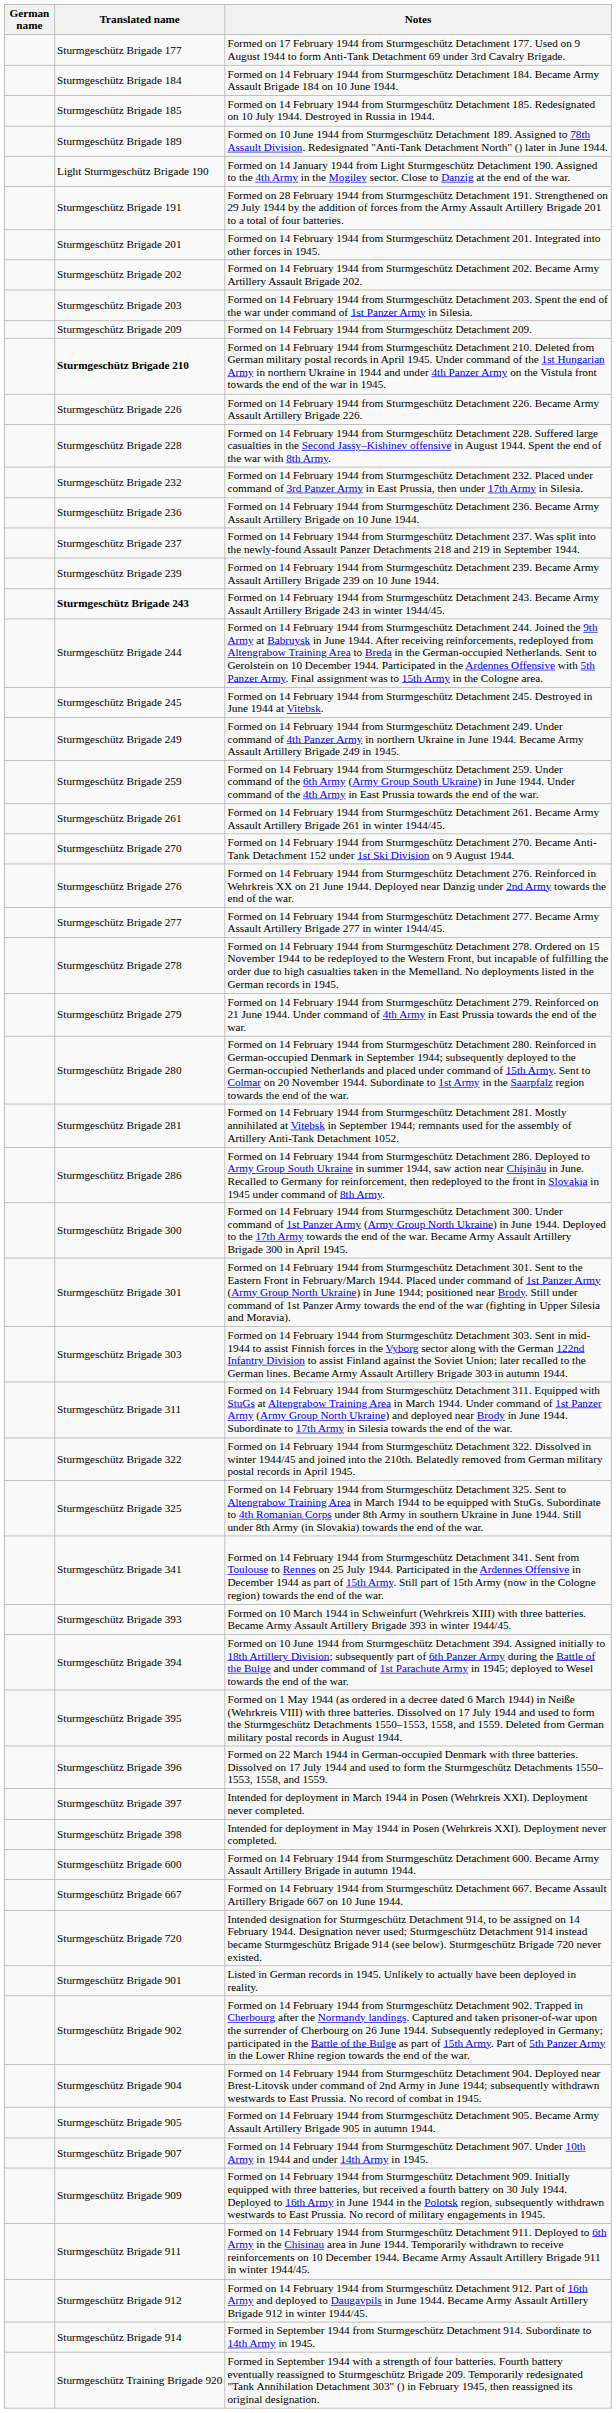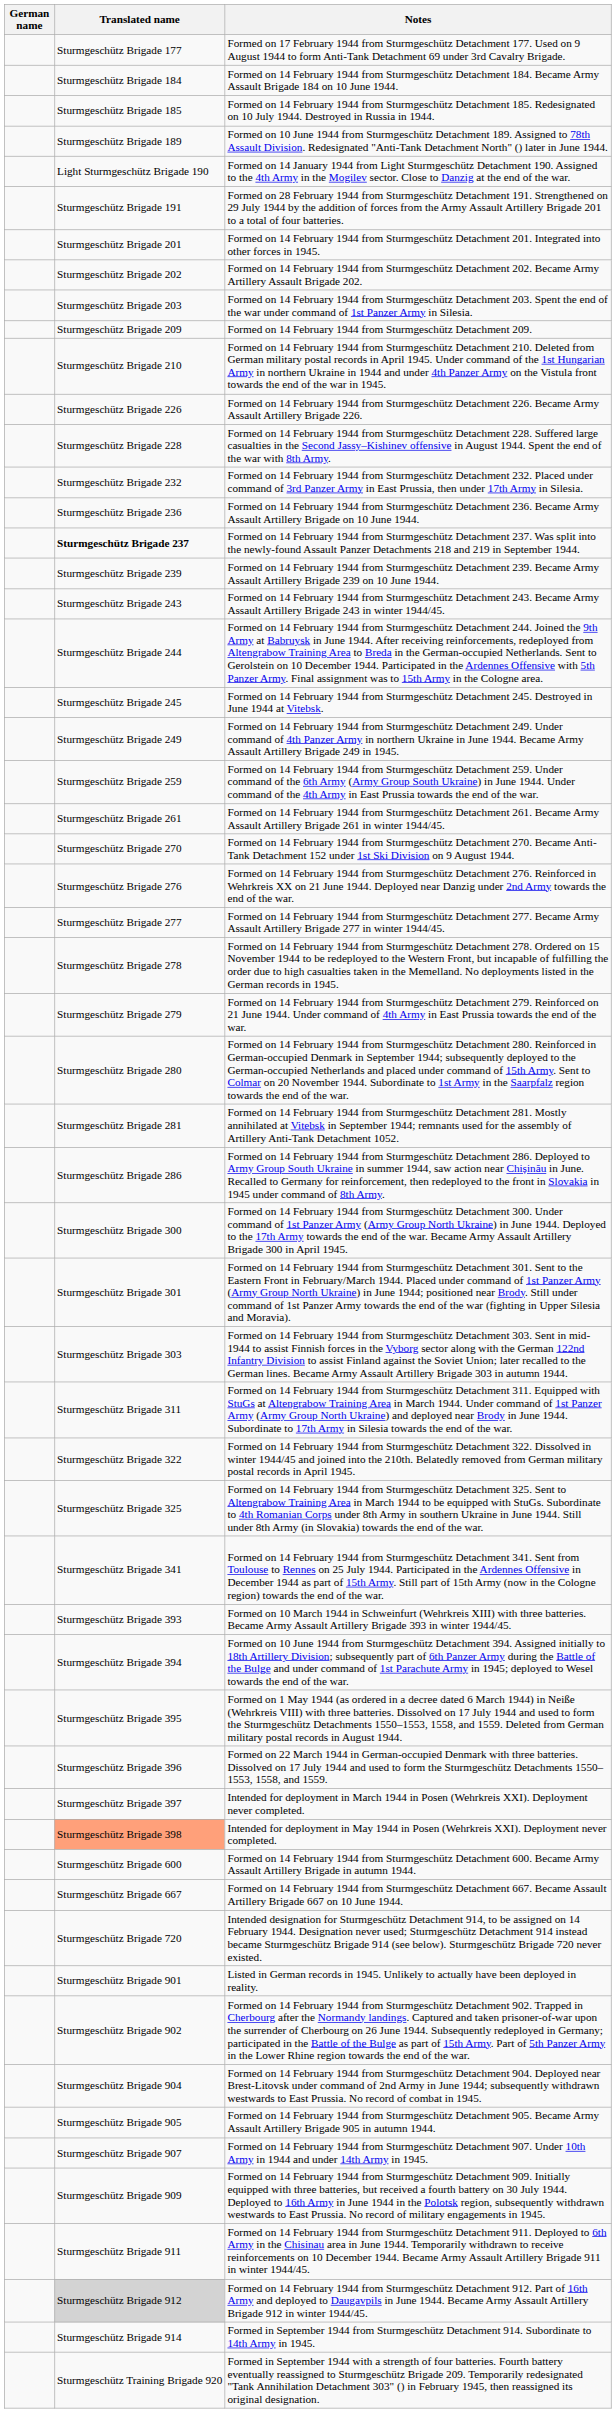 <table class="wikitable">
 <tr>
 <th>German name</th>
 <th>Translated name</th>
 <th>Notes</th>
 </tr>
 <tr>
 <td></td>
 <td>Sturmgeschütz Brigade 177</td>
 <td>Formed on 17 February 1944 from Sturmgeschütz Detachment 177. Used on 9 August 1944 to form Anti-Tank Detachment 69 under 3rd Cavalry Brigade.</td>
 </tr>
 <tr>
 <td></td>
 <td>Sturmgeschütz Brigade 184</td>
 <td>Formed on 14 February 1944 from Sturmgeschütz Detachment 184. Became Army Assault Brigade 184 on 10 June 1944.</td>
 </tr>
 <tr>
 <td></td>
 <td>Sturmgeschütz Brigade 185</td>
 <td>Formed on 14 February 1944 from Sturmgeschütz Detachment 185. Redesignated  on 10 July 1944. Destroyed in Russia in 1944.</td>
 </tr>
 <tr>
 <td></td>
 <td>Sturmgeschütz Brigade 189</td>
 <td>Formed on 10 June 1944 from Sturmgeschütz Detachment 189. Assigned to <a href='#'>78th Assault Division</a>. Redesignated "Anti-Tank Detachment North" () later in June 1944.</td>
 </tr>
 <tr>
 <td style="white-space: nowrap;"></td>
 <td style="white-space: nowrap;">Light Sturmgeschütz Brigade 190</td>
 <td>Formed on 14 January 1944 from Light Sturmgeschütz Detachment 190. Assigned to the <a href='#'>4th Army</a> in the <a href='#'>Mogilev</a> sector. Close to <a href='#'>Danzig</a> at the end of the war.</td>
 </tr>
 <tr>
 <td></td>
 <td>Sturmgeschütz Brigade 191</td>
 <td>Formed on 28 February 1944 from Sturmgeschütz Detachment 191. Strengthened on 29 July 1944 by the addition of forces from the Army Assault Artillery Brigade 201 to a total of four batteries.</td>
 </tr>
 <tr>
 <td></td>
 <td>Sturmgeschütz Brigade 201</td>
 <td>Formed on 14 February 1944 from Sturmgeschütz Detachment 201. Integrated into other forces in 1945.</td>
 </tr>
 <tr>
 <td></td>
 <td>Sturmgeschütz Brigade 202</td>
 <td>Formed on 14 February 1944 from Sturmgeschütz Detachment 202. Became Army Artillery Assault Brigade 202.</td>
 </tr>
 <tr>
 <td></td>
 <td>Sturmgeschütz Brigade 203</td>
 <td>Formed on 14 February 1944 from Sturmgeschütz Detachment 203. Spent the end of the war under command of <a href='#'>1st Panzer Army</a> in Silesia.</td>
 </tr>
 <tr>
 <td></td>
 <td>Sturmgeschütz Brigade 209</td>
 <td>Formed on 14 February 1944 from Sturmgeschütz Detachment 209.</td>
 </tr>
 <tr>
 <td></td>
-<td><strong>Sturmgeschütz Brigade 210</strong></td>
+<td>Sturmgeschütz Brigade 210</td>
 <td>Formed on 14 February 1944 from Sturmgeschütz Detachment 210. Deleted from German military postal records in April 1945. Under command of the <a href='#'>1st Hungarian Army</a> in northern Ukraine in 1944 and under <a href='#'>4th Panzer Army</a> on the Vistula front towards the end of the war in 1945.</td>
 </tr>
 <tr>
 <td></td>
 <td>Sturmgeschütz Brigade 226</td>
 <td>Formed on 14 February 1944 from Sturmgeschütz Detachment 226. Became Army Assault Artillery Brigade 226.</td>
 </tr>
 <tr>
 <td></td>
 <td>Sturmgeschütz Brigade 228</td>
 <td>Formed on 14 February 1944 from Sturmgeschütz Detachment 228. Suffered large casualties in the <a href='#'>Second Jassy–Kishinev offensive</a> in August 1944. Spent the end of the war with <a href='#'>8th Army</a>.</td>
 </tr>
 <tr>
 <td></td>
 <td>Sturmgeschütz Brigade 232</td>
 <td>Formed on 14 February 1944 from Sturmgeschütz Detachment 232. Placed under command of <a href='#'>3rd Panzer Army</a> in East Prussia, then under <a href='#'>17th Army</a> in Silesia.</td>
 </tr>
 <tr>
 <td></td>
 <td>Sturmgeschütz Brigade 236</td>
 <td>Formed on 14 February 1944 from Sturmgeschütz Detachment 236. Became Army Assault Artillery Brigade on 10 June 1944.</td>
 </tr>
 <tr>
 <td></td>
-<td>Sturmgeschütz Brigade 237</td>
+<td><strong>Sturmgeschütz Brigade 237</strong></td>
 <td>Formed on 14 February 1944 from Sturmgeschütz Detachment 237. Was split into the newly-found Assault Panzer Detachments 218 and 219 in September 1944.</td>
 </tr>
 <tr>
 <td></td>
 <td>Sturmgeschütz Brigade 239</td>
 <td>Formed on 14 February 1944 from Sturmgeschütz Detachment 239. Became Army Assault Artillery Brigade 239 on 10 June 1944.</td>
 </tr>
 <tr>
 <td></td>
-<td><strong>Sturmgeschütz Brigade 243</strong></td>
+<td>Sturmgeschütz Brigade 243</td>
 <td>Formed on 14 February 1944 from Sturmgeschütz Detachment 243. Became Army Assault Artillery Brigade 243 in winter 1944/45.</td>
 </tr>
 <tr>
 <td></td>
 <td>Sturmgeschütz Brigade 244</td>
 <td>Formed on 14 February 1944 from Sturmgeschütz Detachment 244. Joined the <a href='#'>9th Army</a> at <a href='#'>Babruysk</a> in June 1944. After receiving reinforcements, redeployed from <a href='#'>Altengrabow Training Area</a> to <a href='#'>Breda</a> in the German-occupied Netherlands. Sent to Gerolstein on 10 December 1944. Participated in the <a href='#'>Ardennes Offensive</a> with <a href='#'>5th Panzer Army</a>. Final assignment was to <a href='#'>15th Army</a> in the Cologne area.</td>
 </tr>
 <tr>
 <td></td>
 <td>Sturmgeschütz Brigade 245</td>
 <td>Formed on 14 February 1944 from Sturmgeschütz Detachment 245. Destroyed in June 1944 at <a href='#'>Vitebsk</a>.</td>
 </tr>
 <tr>
 <td></td>
 <td>Sturmgeschütz Brigade 249</td>
 <td>Formed on 14 February 1944 from Sturmgeschütz Detachment 249. Under command of <a href='#'>4th Panzer Army</a> in northern Ukraine in June 1944. Became Army Assault Artillery Brigade 249 in 1945.</td>
 </tr>
 <tr>
 <td></td>
 <td>Sturmgeschütz Brigade 259</td>
 <td>Formed on 14 February 1944 from Sturmgeschütz Detachment 259. Under command of the <a href='#'>6th Army</a> (<a href='#'>Army Group South Ukraine</a>) in June 1944. Under command of the <a href='#'>4th Army</a> in East Prussia towards the end of the war.</td>
 </tr>
 <tr>
 <td></td>
 <td>Sturmgeschütz Brigade 261</td>
 <td>Formed on 14 February 1944 from Sturmgeschütz Detachment 261. Became Army Assault Artillery Brigade 261 in winter 1944/45.</td>
 </tr>
 <tr>
 <td></td>
 <td>Sturmgeschütz Brigade 270</td>
 <td>Formed on 14 February 1944 from Sturmgeschütz Detachment 270. Became Anti-Tank Detachment 152 under <a href='#'>1st Ski Division</a> on 9 August 1944.</td>
 </tr>
 <tr>
 <td></td>
 <td>Sturmgeschütz Brigade 276</td>
 <td>Formed on 14 February 1944 from Sturmgeschütz Detachment 276. Reinforced in Wehrkreis XX on 21 June 1944. Deployed near Danzig under <a href='#'>2nd Army</a> towards the end of the war.</td>
 </tr>
 <tr>
 <td></td>
 <td>Sturmgeschütz Brigade 277</td>
 <td>Formed on 14 February 1944 from Sturmgeschütz Detachment 277. Became Army Assault Artillery Brigade 277 in winter 1944/45.</td>
 </tr>
 <tr>
 <td></td>
 <td>Sturmgeschütz Brigade 278</td>
 <td>Formed on 14 February 1944 from Sturmgeschütz Detachment 278. Ordered on 15 November 1944 to be redeployed to the Western Front, but incapable of fulfilling the order due to high casualties taken in the Memelland. No deployments listed in the German records in 1945.</td>
 </tr>
 <tr>
 <td></td>
 <td>Sturmgeschütz Brigade 279</td>
 <td>Formed on 14 February 1944 from Sturmgeschütz Detachment 279. Reinforced on 21 June 1944. Under command of <a href='#'>4th Army</a> in East Prussia towards the end of the war.</td>
 </tr>
 <tr>
 <td></td>
 <td>Sturmgeschütz Brigade 280</td>
 <td>Formed on 14 February 1944 from Sturmgeschütz Detachment 280. Reinforced in German-occupied Denmark in September 1944; subsequently deployed to the German-occupied Netherlands and placed under command of <a href='#'>15th Army</a>. Sent to <a href='#'>Colmar</a> on 20 November 1944. Subordinate to <a href='#'>1st Army</a> in the <a href='#'>Saarpfalz</a> region towards the end of the war.</td>
 </tr>
 <tr>
 <td></td>
 <td>Sturmgeschütz Brigade 281</td>
 <td>Formed on 14 February 1944 from Sturmgeschütz Detachment 281. Mostly annihilated at <a href='#'>Vitebsk</a> in September 1944; remnants used for the assembly of Artillery Anti-Tank Detachment 1052.</td>
 </tr>
 <tr>
 <td></td>
 <td>Sturmgeschütz Brigade 286</td>
 <td>Formed on 14 February 1944 from Sturmgeschütz Detachment 286. Deployed to <a href='#'>Army Group South Ukraine</a> in summer 1944, saw action near <a href='#'>Chișinău</a> in June. Recalled to Germany for reinforcement, then redeployed to the front in <a href='#'>Slovakia</a> in 1945 under command of <a href='#'>8th Army</a>.</td>
 </tr>
 <tr>
 <td></td>
 <td>Sturmgeschütz Brigade 300</td>
 <td>Formed on 14 February 1944 from Sturmgeschütz Detachment 300. Under command of <a href='#'>1st Panzer Army</a> (<a href='#'>Army Group North Ukraine</a>) in June 1944. Deployed to the <a href='#'>17th Army</a> towards the end of the war. Became Army Assault Artillery Brigade 300 in April 1945.</td>
 </tr>
 <tr>
 <td></td>
 <td>Sturmgeschütz Brigade 301</td>
 <td>Formed on 14 February 1944 from Sturmgeschütz Detachment 301. Sent to the Eastern Front in February/March 1944. Placed under command of <a href='#'>1st Panzer Army</a> (<a href='#'>Army Group North Ukraine</a>) in June 1944; positioned near <a href='#'>Brody</a>. Still under command of 1st Panzer Army towards the end of the war (fighting in Upper Silesia and Moravia).</td>
 </tr>
 <tr>
 <td></td>
 <td>Sturmgeschütz Brigade 303</td>
 <td>Formed on 14 February 1944 from Sturmgeschütz Detachment 303. Sent in mid-1944 to assist Finnish forces in the <a href='#'>Vyborg</a> sector along with the German <a href='#'>122nd Infantry Division</a> to assist Finland against the Soviet Union; later recalled to the German lines. Became Army Assault Artillery Brigade 303 in autumn 1944.</td>
 </tr>
 <tr>
 <td></td>
 <td>Sturmgeschütz Brigade 311</td>
 <td>Formed on 14 February 1944 from Sturmgeschütz Detachment 311. Equipped with <a href='#'>StuGs</a> at <a href='#'>Altengrabow Training Area</a> in March 1944. Under command of <a href='#'>1st Panzer Army</a> (<a href='#'>Army Group North Ukraine</a>) and deployed near <a href='#'>Brody</a> in June 1944. Subordinate to <a href='#'>17th Army</a> in Silesia towards the end of the war.</td>
 </tr>
 <tr>
 <td></td>
 <td>Sturmgeschütz Brigade 322</td>
 <td>Formed on 14 February 1944 from Sturmgeschütz Detachment 322. Dissolved in winter 1944/45 and joined into the 210th. Belatedly removed from German military postal records in April 1945.</td>
 </tr>
 <tr>
 <td></td>
 <td>Sturmgeschütz Brigade 325</td>
 <td>Formed on 14 February 1944 from Sturmgeschütz Detachment 325. Sent to <a href='#'>Altengrabow Training Area</a> in March 1944 to be equipped with StuGs. Subordinate to <a href='#'>4th Romanian Corps</a> under 8th Army in southern Ukraine in June 1944. Still under 8th Army (in Slovakia) towards the end of the war.</td>
 </tr>
 <tr>
 <td></td>
 <td>Sturmgeschütz Brigade 341</td>
 <td><br>Formed on 14 February 1944 from Sturmgeschütz Detachment 341. Sent from <a href='#'>Toulouse</a> to <a href='#'>Rennes</a> on 25 July 1944. Participated in the <a href='#'>Ardennes Offensive</a> in December 1944 as part of <a href='#'>15th Army</a>. Still part of 15th Army (now in the Cologne region) towards the end of the war.</td>
 </tr>
 <tr>
 <td></td>
 <td>Sturmgeschütz Brigade 393</td>
 <td>Formed on 10 March 1944 in Schweinfurt (Wehrkreis XIII) with three batteries. Became Army Assault Artillery Brigade 393 in winter 1944/45.</td>
 </tr>
 <tr>
 <td></td>
 <td>Sturmgeschütz Brigade 394</td>
 <td>Formed on 10 June 1944 from Sturmgeschütz Detachment 394. Assigned initially to <a href='#'>18th Artillery Division</a>; subsequently part of <a href='#'>6th Panzer Army</a> during the <a href='#'>Battle of the Bulge</a> and under command of <a href='#'>1st Parachute Army</a> in 1945; deployed to Wesel towards the end of the war.</td>
 </tr>
 <tr>
 <td></td>
 <td>Sturmgeschütz Brigade 395</td>
 <td>Formed on 1 May 1944 (as ordered in a decree dated 6 March 1944) in Neiße (Wehrkreis VIII) with three batteries. Dissolved on 17 July 1944 and used to form the Sturmgeschütz Detachments 1550–1553, 1558, and 1559. Deleted from German military postal records in August 1944.</td>
 </tr>
 <tr>
 <td></td>
 <td>Sturmgeschütz Brigade 396</td>
 <td>Formed on 22 March 1944 in German-occupied Denmark with three batteries. Dissolved on 17 July 1944 and used to form the Sturmgeschütz Detachments 1550–1553, 1558, and 1559.</td>
 </tr>
 <tr>
 <td></td>
 <td>Sturmgeschütz Brigade 397</td>
 <td>Intended for deployment in March 1944 in Posen (Wehrkreis XXI). Deployment never completed.</td>
 </tr>
 <tr>
 <td></td>
-<td>Sturmgeschütz Brigade 398</td>
+<td style="background: lightsalmon;">Sturmgeschütz Brigade 398</td>
 <td>Intended for deployment in May 1944 in Posen (Wehrkreis XXI). Deployment never completed.</td>
 </tr>
 <tr>
 <td></td>
 <td>Sturmgeschütz Brigade 600</td>
 <td>Formed on 14 February 1944 from Sturmgeschütz Detachment 600. Became Army Assault Artillery Brigade in autumn 1944.</td>
 </tr>
 <tr>
 <td></td>
 <td>Sturmgeschütz Brigade 667</td>
 <td>Formed on 14 February 1944 from Sturmgeschütz Detachment 667. Became Assault Artillery Brigade 667 on 10 June 1944.</td>
 </tr>
 <tr>
 <td></td>
 <td>Sturmgeschütz Brigade 720</td>
 <td>Intended designation for Sturmgeschütz Detachment 914, to be assigned on 14 February 1944. Designation never used; Sturmgeschütz Detachment 914 instead became Sturmgeschütz Brigade 914 (see below). Sturmgeschütz Brigade 720 never existed.</td>
 </tr>
 <tr>
 <td></td>
 <td>Sturmgeschütz Brigade 901</td>
 <td>Listed in German records in 1945. Unlikely to actually have been deployed in reality.</td>
 </tr>
 <tr>
 <td></td>
 <td>Sturmgeschütz Brigade 902</td>
 <td>Formed on 14 February 1944 from Sturmgeschütz Detachment 902. Trapped in <a href='#'>Cherbourg</a> after the <a href='#'>Normandy landings</a>. Captured and taken prisoner-of-war upon the surrender of Cherbourg on 26 June 1944. Subsequently redeployed in Germany; participated in the <a href='#'>Battle of the Bulge</a> as part of <a href='#'>15th Army</a>. Part of <a href='#'>5th Panzer Army</a> in the Lower Rhine region towards the end of the war.</td>
 </tr>
 <tr>
 <td></td>
 <td>Sturmgeschütz Brigade 904</td>
 <td>Formed on 14 February 1944 from Sturmgeschütz Detachment 904. Deployed near Brest-Litovsk under command of 2nd Army in June 1944; subsequently withdrawn westwards to East Prussia. No record of combat in 1945.</td>
 </tr>
 <tr>
 <td></td>
 <td>Sturmgeschütz Brigade 905</td>
 <td>Formed on 14 February 1944 from Sturmgeschütz Detachment 905. Became Army Assault Artillery Brigade 905 in autumn 1944.</td>
 </tr>
 <tr>
 <td></td>
 <td>Sturmgeschütz Brigade 907</td>
 <td>Formed on 14 February 1944 from Sturmgeschütz Detachment 907. Under <a href='#'>10th Army</a> in 1944 and under <a href='#'>14th Army</a> in 1945.</td>
 </tr>
 <tr>
 <td></td>
 <td>Sturmgeschütz Brigade 909</td>
 <td>Formed on 14 February 1944 from Sturmgeschütz Detachment 909. Initially equipped with three batteries, but received a fourth battery on 30 July 1944. Deployed to <a href='#'>16th Army</a> in June 1944 in the <a href='#'>Polotsk</a> region, subsequently withdrawn westwards to East Prussia. No record of military engagements in 1945.</td>
 </tr>
 <tr>
 <td></td>
 <td>Sturmgeschütz Brigade 911</td>
 <td>Formed on 14 February 1944 from Sturmgeschütz Detachment 911. Deployed to <a href='#'>6th Army</a> in the <a href='#'>Chisinau</a> area in June 1944. Temporarily withdrawn to receive reinforcements on 10 December 1944. Became Army Assault Artillery Brigade 911 in winter 1944/45.</td>
 </tr>
 <tr>
 <td></td>
-<td>Sturmgeschütz Brigade 912</td>
+<td style="background: lightgrey;">Sturmgeschütz Brigade 912</td>
 <td>Formed on 14 February 1944 from Sturmgeschütz Detachment 912. Part of <a href='#'>16th Army</a> and deployed to <a href='#'>Daugavpils</a> in June 1944. Became Army Assault Artillery Brigade 912 in winter 1944/45.</td>
 </tr>
 <tr>
 <td></td>
 <td>Sturmgeschütz Brigade 914</td>
 <td>Formed in September 1944 from Sturmgeschütz Detachment 914. Subordinate to <a href='#'>14th Army</a> in 1945.</td>
 </tr>
 <tr>
 <td style="white-space: nowrap;"></td>
 <td style="white-space: nowrap;">Sturmgeschütz Training Brigade 920</td>
 <td>Formed in September 1944 with a strength of four batteries. Fourth battery eventually reassigned to Sturmgeschütz Brigade 209. Temporarily redesignated "Tank Annihilation Detachment 303" () in February 1945, then reassigned its original designation.</td>
 </tr>
 </table>
